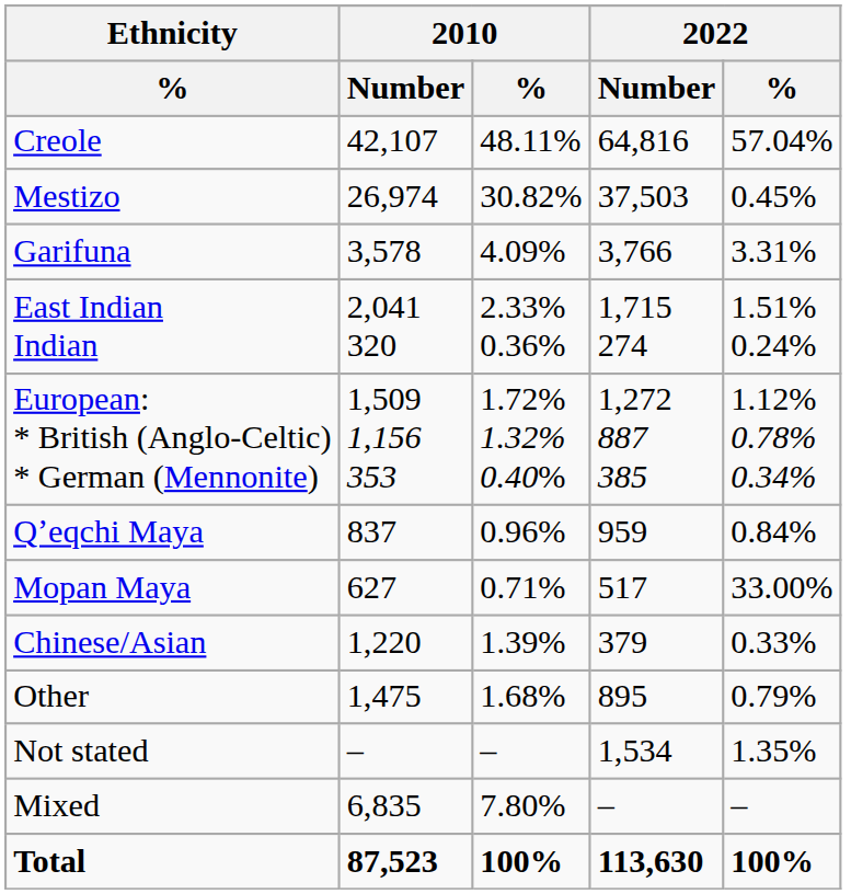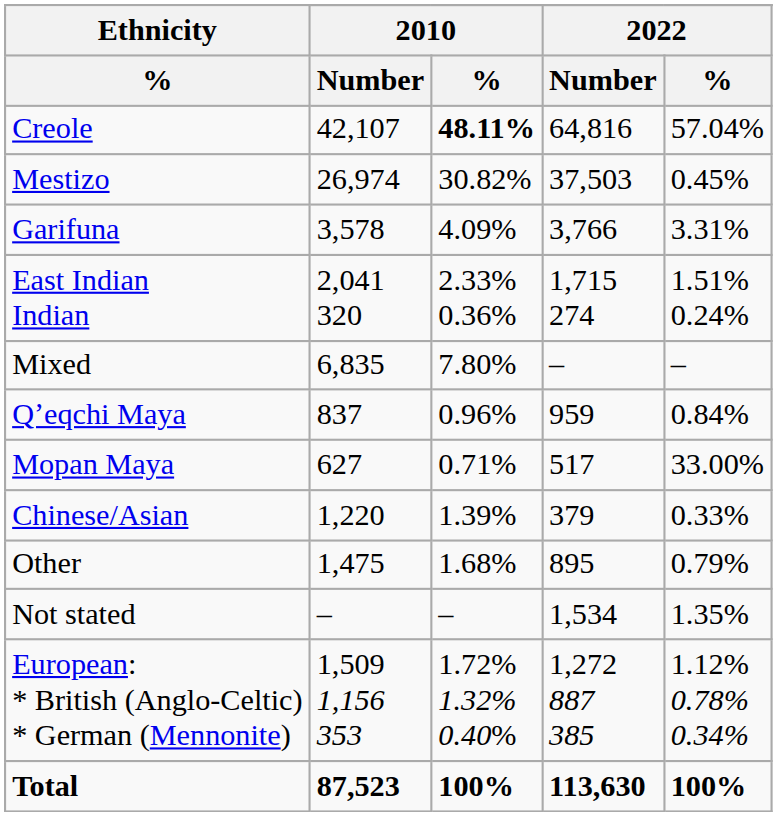 <table class="wikitable sortable left" style="font-size: 90%;">
 <tr>
 <th rowspan="2">Ethnicity</th>
 </tr>
 <tr>
 <th colspan="2">2010</th>
 <th colspan="2">2022</th>
 </tr>
 <tr>
 <th>%</th>
 <th>Number</th>
 <th>%</th>
 <th>Number</th>
 <th>%</th>
 </tr>
 <tr>
 <td><a href='#'>Creole</a></td>
 <td>42,107</td>
-<td>48.11%</td>
+<td><strong>48.11%</strong></td>
 <td>64,816</td>
 <td>57.04%</td>
 </tr>
 <tr>
 <td><a href='#'>Mestizo</a></td>
 <td>26,974</td>
 <td>30.82%</td>
 <td>37,503</td>
 <td>0.45%</td>
 </tr>
 <tr>
 <td><a href='#'>Garifuna</a></td>
 <td>3,578</td>
 <td>4.09%</td>
 <td>3,766</td>
 <td>3.31%</td>
 </tr>
 <tr>
 <td><a href='#'>East Indian</a><br><a href='#'>Indian</a></td>
 <td>2,041<br>320</td>
 <td>2.33%<br>0.36%</td>
 <td>1,715<br>274</td>
 <td>1.51%<br>0.24%</td>
 </tr>
 <tr>
-<td><a href='#'>European</a>:<br>* British (Anglo-Celtic)<br>* German (<a href='#'>Mennonite</a>)</td>
-<td>1,509<br><em>1,156<br>353</em></td>
-<td>1.72%<br><em>1.32%<br>0.40</em>%</td>
-<td>1,272<br><em>887<br>385</em></td>
-<td>1.12%<br><em>0.78%<br>0.34%</em></td>
+<td>Mixed</td>
+<td>6,835</td>
+<td>7.80%</td>
+<td>–</td>
+<td>–</td>
 </tr>
 <tr>
 <td><a href='#'>Qʼeqchi Maya</a></td>
 <td>837</td>
 <td>0.96%</td>
 <td>959</td>
 <td>0.84%</td>
 </tr>
 <tr>
 <td><a href='#'>Mopan Maya</a></td>
 <td>627</td>
 <td>0.71%</td>
 <td>517</td>
 <td>33.00%</td>
 </tr>
 <tr>
 <td><a href='#'>Chinese/Asian</a></td>
 <td>1,220</td>
 <td>1.39%</td>
 <td>379</td>
 <td>0.33%</td>
 </tr>
 <tr>
 <td>Other</td>
 <td>1,475</td>
 <td>1.68%</td>
 <td>895</td>
 <td>0.79%</td>
 </tr>
 <tr>
 <td>Not stated</td>
 <td>–</td>
 <td>–</td>
 <td>1,534</td>
 <td>1.35%</td>
 </tr>
 <tr>
-<td>Mixed</td>
-<td>6,835</td>
-<td>7.80%</td>
-<td>–</td>
-<td>–</td>
+<td><a href='#'>European</a>:<br>* British (Anglo-Celtic)<br>* German (<a href='#'>Mennonite</a>)</td>
+<td>1,509<br><em>1,156<br>353</em></td>
+<td>1.72%<br><em>1.32%<br>0.40</em>%</td>
+<td>1,272<br><em>887<br>385</em></td>
+<td>1.12%<br><em>0.78%<br>0.34%</em></td>
 </tr>
 <tr>
 <td><strong>Total</strong></td>
 <td><strong>87,523</strong></td>
 <td><strong>100%</strong></td>
 <td><strong>113,630</strong></td>
 <td><strong>100%</strong></td>
 </tr>
 </table>
